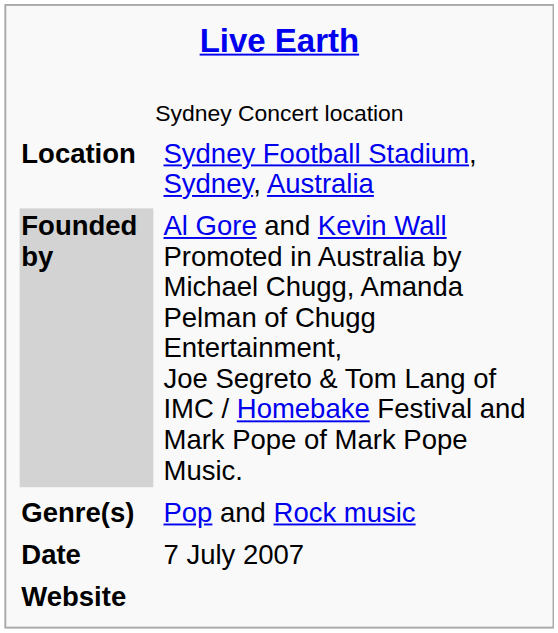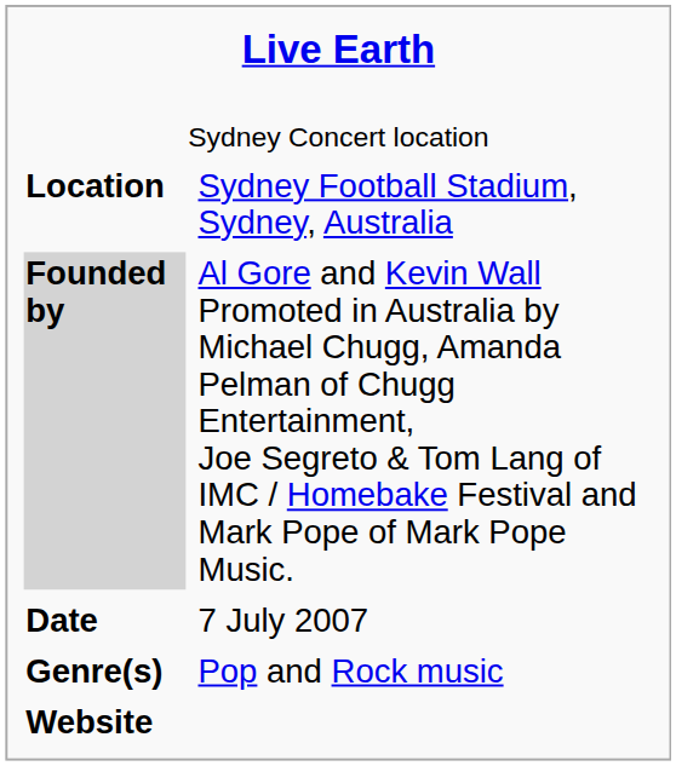 <table class="infobox" style="width: 20em; float:right; clear:right; font-size:90%" cellspacing="4">
 <tr style="vertical-align: top;">
 <th colspan="2" style="text-align: center;"><big><strong><a href='#'>Live Earth</a></strong></big></th>
 </tr>
 <tr style="vertical-align: top;">
 <td colspan="2" style="text-align: center;"></td>
 </tr>
 <tr style="vertical-align: top;">
 <td colspan="2" style="text-align: center;"></td>
 </tr>
 <tr style="vertical-align: top;">
 <td colspan="2" style="text-align: center;"><small>Sydney Concert location</small></td>
 </tr>
 <tr style="vertical-align: top;">
 <td><strong>Location</strong></td>
 <td><a href='#'>Sydney Football Stadium</a>, <a href='#'>Sydney</a>, <a href='#'>Australia</a></td>
 </tr>
 <tr style="vertical-align: top;">
 <td style="background: lightgrey;"><strong>Founded by</strong></td>
 <td><a href='#'>Al Gore</a> and <a href='#'>Kevin Wall</a> <br>Promoted in Australia by <br>Michael Chugg, Amanda Pelman of Chugg Entertainment,  <br> Joe Segreto & Tom Lang of IMC / <a href='#'>Homebake</a> Festival and <br>Mark Pope of Mark Pope Music.</td>
 </tr>
 <tr style="vertical-align: top;">
+<td><strong>Date</strong></td>
+<td>7 July 2007</td>
+</tr>
+<tr style="vertical-align: top;">
 <td><strong>Genre(s)</strong></td>
 <td><a href='#'>Pop</a> and <a href='#'>Rock music</a></td>
-</tr>
-<tr style="vertical-align: top;">
-<td><strong>Date</strong></td>
-<td>7 July 2007</td>
 </tr>
 <tr style="vertical-align: top;">
 <td><strong>Website</strong></td>
 <td></td>
 </tr>
 </table>
